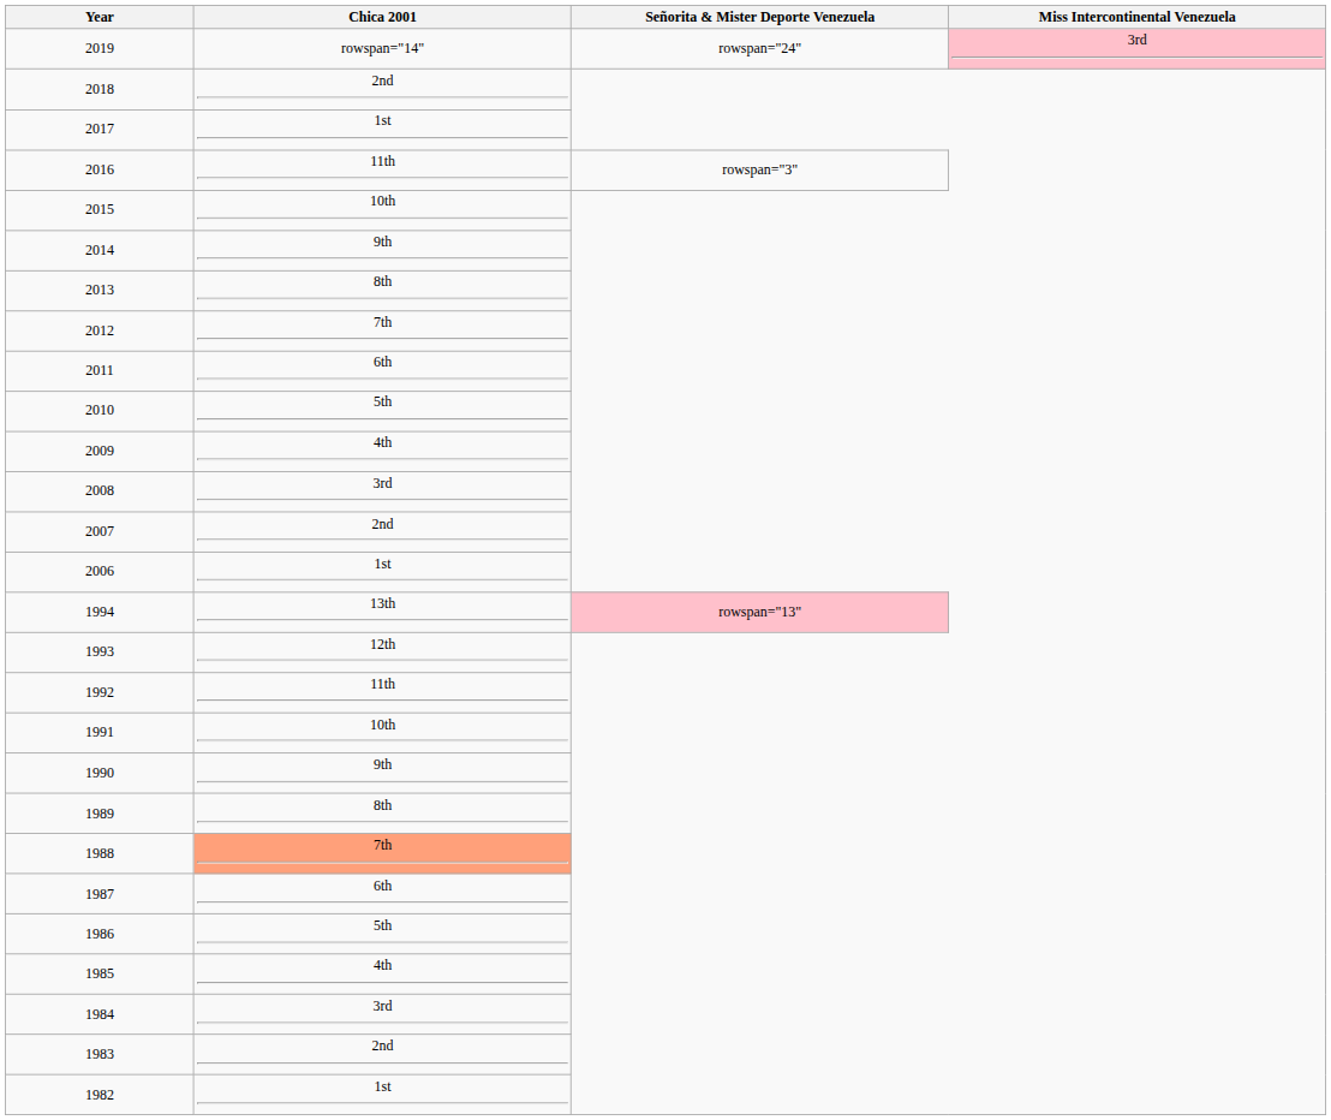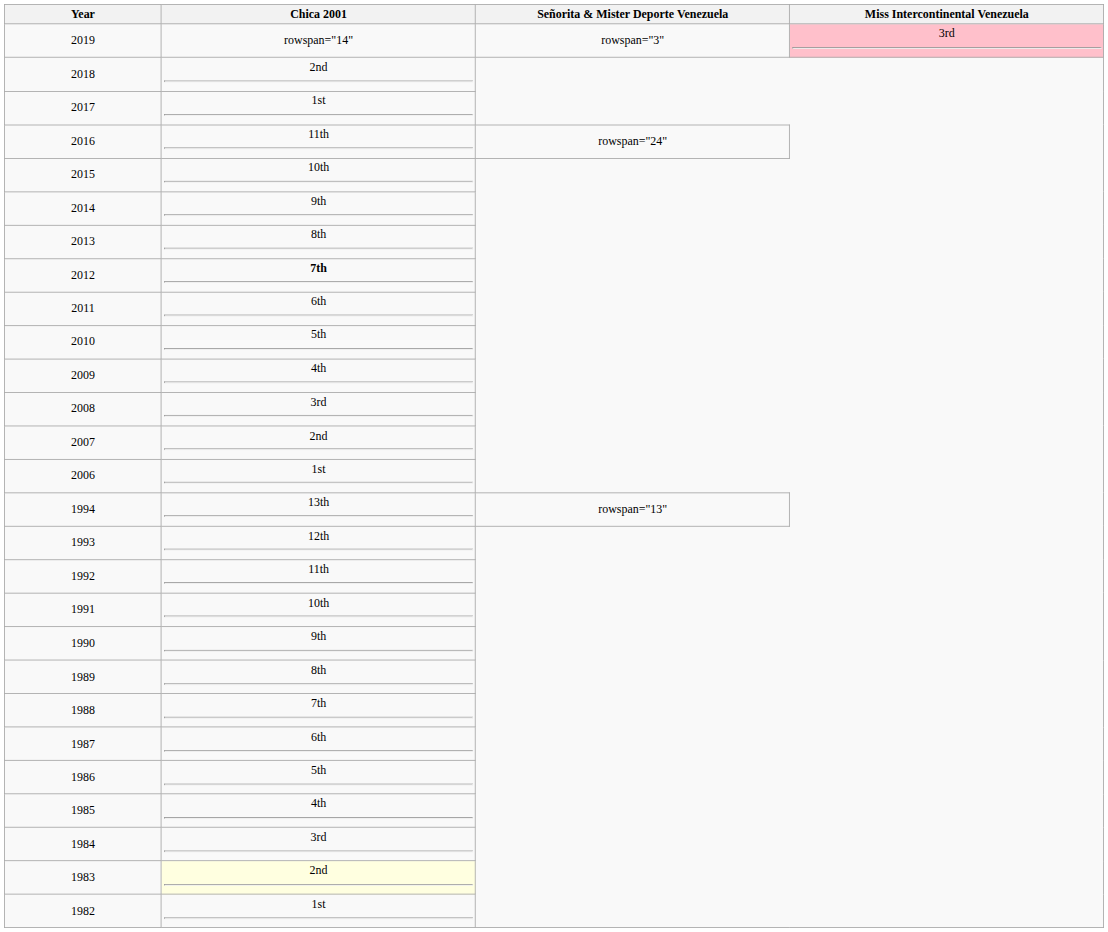 <table class="wikitable" style="font-size: 85%; text-align:center;" |>
 <tr>
 <th width="5%">Year</th>
 <th width="10%">Chica 2001<br></th>
 <th width="10%">Señorita & Mister Deporte Venezuela<br></th>
 <th width="10%"><strong>Miss Intercontinental Venezuela</strong><br></th>
 </tr>
 <tr>
 <td>2019</td>
 <td>rowspan="14" </td>
-<td>rowspan="24" </td>
+<td>rowspan="3" </td>
 <td style="background: pink;">3rd<hr></td>
 </tr>
 <tr>
 <td>2018</td>
 <td>2nd<hr></td>
 </tr>
 <tr>
 <td>2017</td>
 <td>1st<hr></td>
 </tr>
 <tr>
 <td>2016</td>
 <td>11th<hr></td>
-<td>rowspan="3" </td>
+<td>rowspan="24" </td>
 </tr>
 <tr>
 <td>2015</td>
 <td>10th<hr></td>
 </tr>
 <tr>
 <td>2014</td>
 <td>9th<hr></td>
 </tr>
 <tr>
 <td>2013</td>
 <td>8th<hr></td>
 </tr>
 <tr>
 <td>2012</td>
-<td>7th<hr></td>
+<td><strong>7th<hr></strong></td>
 </tr>
 <tr>
 <td>2011</td>
 <td>6th<hr></td>
 </tr>
 <tr>
 <td>2010</td>
 <td>5th<hr></td>
 </tr>
 <tr>
 <td>2009</td>
 <td>4th<hr></td>
 </tr>
 <tr>
 <td>2008</td>
 <td>3rd<hr></td>
 </tr>
 <tr>
 <td>2007</td>
 <td>2nd<hr></td>
 </tr>
 <tr>
 <td>2006</td>
 <td>1st<hr></td>
 </tr>
 <tr>
 <td>1994</td>
 <td>13th<hr></td>
-<td style="background: pink;">rowspan="13" </td>
+<td>rowspan="13" </td>
 </tr>
 <tr>
 <td>1993</td>
 <td>12th<hr></td>
 </tr>
 <tr>
 <td>1992</td>
 <td>11th<hr></td>
 </tr>
 <tr>
 <td>1991</td>
 <td>10th<hr></td>
 </tr>
 <tr>
 <td>1990</td>
 <td>9th<hr></td>
 </tr>
 <tr>
 <td>1989</td>
 <td>8th<hr></td>
 </tr>
 <tr>
 <td>1988</td>
-<td style="background: lightsalmon;">7th<hr></td>
+<td>7th<hr></td>
 </tr>
 <tr>
 <td>1987</td>
 <td>6th<hr></td>
 </tr>
 <tr>
 <td>1986</td>
 <td>5th<hr></td>
 </tr>
 <tr>
 <td>1985</td>
 <td>4th<hr></td>
 </tr>
 <tr>
 <td>1984</td>
 <td>3rd<hr></td>
 </tr>
 <tr>
 <td>1983</td>
-<td>2nd<hr></td>
+<td style="background: lightyellow;">2nd<hr></td>
 </tr>
 <tr>
 <td>1982</td>
 <td>1st<hr></td>
 </tr>
 </table>
